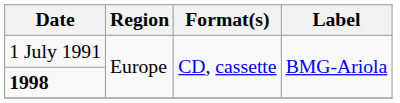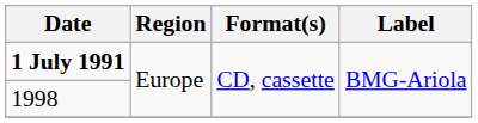 <table class="wikitable">
 <tr>
 <th align="center">Date</th>
 <th align="center">Region</th>
 <th align="center">Format(s)</th>
 <th align="center">Label</th>
 </tr>
 <tr>
-<td align="left">1 July 1991</td>
+<td align="left"><strong>1 July 1991</strong></td>
 <td align="left" rowspan="2">Europe</td>
 <td align="left" rowspan="2"><a href='#'>CD</a>, <a href='#'>cassette</a></td>
 <td align="left" rowspan="2"><a href='#'>BMG-Ariola</a></td>
 </tr>
 <tr>
-<td align="left"><strong>1998</strong></td>
+<td align="left">1998</td>
 </tr>
 <tr>
 </tr>
 </table>
